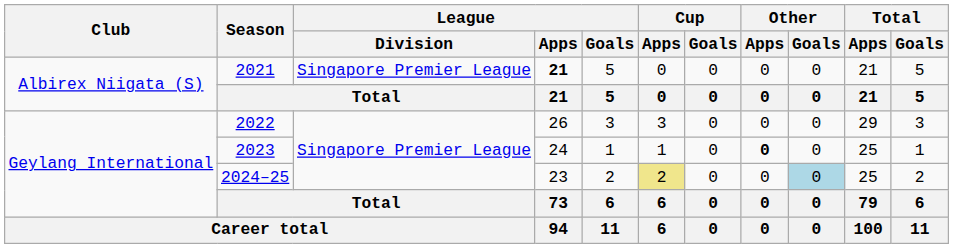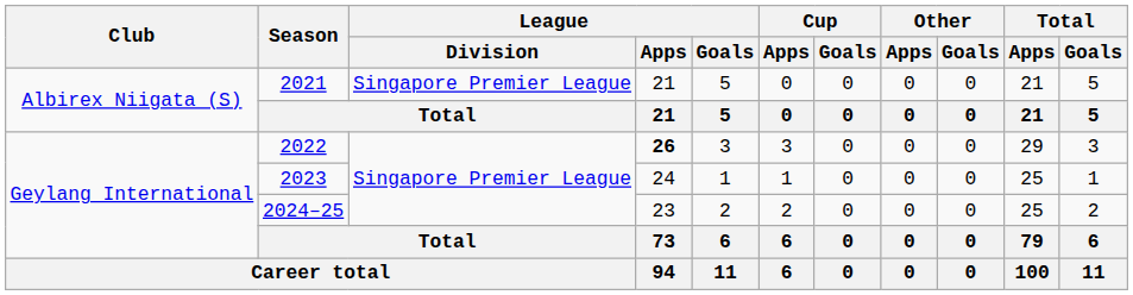 <table class="wikitable" style="text-align: center">
 <tr>
 <th rowspan="2">Club</th>
 <th rowspan="2">Season</th>
 <th colspan="3">League</th>
 <th colspan="2">Cup</th>
 <th colspan="2">Other</th>
 <th colspan="2">Total</th>
 </tr>
 <tr>
 <th>Division</th>
 <th>Apps</th>
 <th>Goals</th>
 <th>Apps</th>
 <th>Goals</th>
 <th>Apps</th>
 <th>Goals</th>
 <th>Apps</th>
 <th>Goals</th>
 </tr>
 <tr>
 <td rowspan="2"><a href='#'>Albirex Niigata (S)</a></td>
 <td><a href='#'>2021</a></td>
 <td><a href='#'>Singapore Premier League</a></td>
-<td><strong>21</strong></td>
+<td>21</td>
 <td>5</td>
 <td>0</td>
 <td>0</td>
 <td>0</td>
 <td>0</td>
 <td>21</td>
 <td>5</td>
 </tr>
 <tr>
 <th colspan=2>Total</th>
 <th>21</th>
 <th>5</th>
 <th>0</th>
 <th>0</th>
 <th>0</th>
 <th>0</th>
 <th>21</th>
 <th>5</th>
 </tr>
 <tr>
 <td rowspan="4"><a href='#'>Geylang International</a></td>
 <td><a href='#'>2022</a></td>
 <td rowspan="3"><a href='#'>Singapore Premier League</a></td>
-<td>26</td>
+<td><strong>26</strong></td>
 <td>3</td>
 <td>3</td>
 <td>0</td>
 <td>0</td>
 <td>0</td>
 <td>29</td>
 <td>3</td>
 </tr>
 <tr>
 <td><a href='#'>2023</a></td>
 <td>24</td>
 <td>1</td>
 <td>1</td>
 <td>0</td>
-<td><strong>0</strong></td>
+<td>0</td>
 <td>0</td>
 <td>25</td>
 <td>1</td>
 </tr>
 <tr>
 <td><a href='#'>2024–25</a></td>
 <td>23</td>
 <td>2</td>
-<td style="background: khaki;">2</td>
+<td>2</td>
 <td>0</td>
 <td>0</td>
-<td style="background: lightblue;">0</td>
+<td>0</td>
 <td>25</td>
 <td>2</td>
 </tr>
 <tr>
 <th colspan=2>Total</th>
 <th>73</th>
 <th>6</th>
 <th>6</th>
 <th>0</th>
 <th>0</th>
 <th>0</th>
 <th>79</th>
 <th>6</th>
 </tr>
 <tr>
 <th colspan=3>Career total</th>
 <th>94</th>
 <th>11</th>
 <th>6</th>
 <th>0</th>
 <th>0</th>
 <th>0</th>
 <th>100</th>
 <th>11</th>
 </tr>
 </table>
